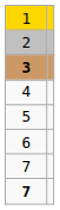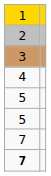 <table class="wikitable" style="text-align:center">
 <tr bgcolor=gold>
 <td width="30">1</td>
 <td align=left></td>
 </tr>
 <tr bgcolor=silver>
 <td>2</td>
 <td align=left></td>
 </tr>
 <tr bgcolor=cc9966>
-<td><strong>3</strong></td>
+<td>3</td>
 <td align=left></td>
 </tr>
 <tr>
 <td>4</td>
 <td align=left></td>
 </tr>
 <tr>
 <td>5</td>
 <td align=left></td>
 </tr>
 <tr>
-<td>6</td>
+<td>5</td>
 <td align=left></td>
 </tr>
 <tr>
 <td>7</td>
 <td align=left></td>
 </tr>
 <tr>
 <td><strong>7</strong></td>
 <td align=left></td>
 </tr>
 </table>
